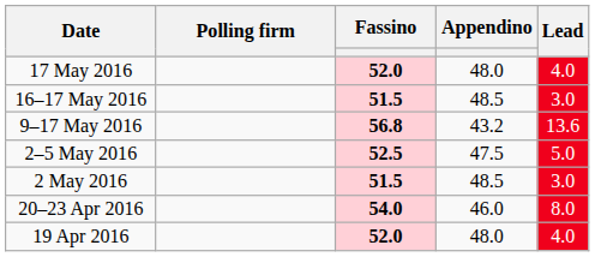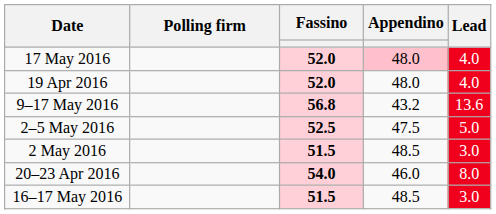 <table class="wikitable collapsible" style="text-align:center;font-size:85%;line-height:13px">
 <tr style="height:30px; background-color:#E9E9E9">
 <th style="width:100px;" rowspan="2">Date</th>
 <th style="width:120px;" rowspan="2">Polling firm</th>
 <th style="width:65px;">Fassino</th>
 <th style="width:65px;">Appendino</th>
 <th style="width:25px;" rowspan="2">Lead</th>
 </tr>
 <tr>
 <th style="background:"></th>
 <th style="background:"></th>
 </tr>
 <tr>
 <td>17 May 2016</td>
 <td></td>
 <td style="background:#FFD0D7"><strong>52.0</strong></td>
-<td>48.0</td>
+<td style="background: pink;">48.0</td>
 <td style="background:#F0001C; color:white;">4.0</td>
 </tr>
 <tr>
-<td>16–17 May 2016</td>
+<td>19 Apr 2016</td>
 <td></td>
-<td style="background:#FFD0D7"><strong>51.5</strong></td>
-<td>48.5</td>
-<td style="background:#F0001C; color:white;">3.0</td>
+<td style="background:#FFD0D7"><strong>52.0</strong></td>
+<td>48.0</td>
+<td style="background:#F0001C; color:white;">4.0</td>
 </tr>
 <tr>
 <td>9–17 May 2016</td>
 <td></td>
 <td style="background:#FFD0D7"><strong>56.8</strong></td>
 <td>43.2</td>
 <td style="background:#F0001C; color:white;">13.6</td>
 </tr>
 <tr>
 <td>2–5 May 2016</td>
 <td></td>
 <td style="background:#FFD0D7"><strong>52.5</strong></td>
 <td>47.5</td>
 <td style="background:#F0001C; color:white;">5.0</td>
 </tr>
 <tr>
 <td>2 May 2016</td>
 <td></td>
 <td style="background:#FFD0D7"><strong>51.5</strong></td>
 <td>48.5</td>
 <td style="background:#F0001C; color:white;">3.0</td>
 </tr>
 <tr>
 <td>20–23 Apr 2016</td>
 <td></td>
 <td style="background:#FFD0D7"><strong>54.0</strong></td>
 <td>46.0</td>
 <td style="background:#F0001C; color:white;">8.0</td>
 </tr>
 <tr>
-<td>19 Apr 2016</td>
+<td>16–17 May 2016</td>
 <td></td>
-<td style="background:#FFD0D7"><strong>52.0</strong></td>
-<td>48.0</td>
-<td style="background:#F0001C; color:white;">4.0</td>
+<td style="background:#FFD0D7"><strong>51.5</strong></td>
+<td>48.5</td>
+<td style="background:#F0001C; color:white;">3.0</td>
 </tr>
 </table>
